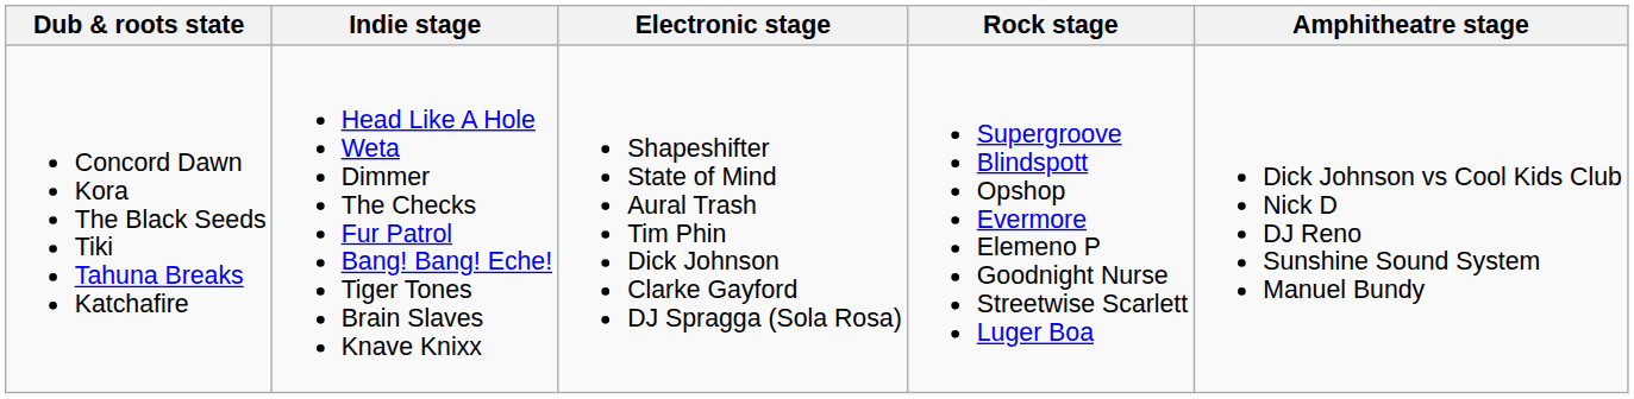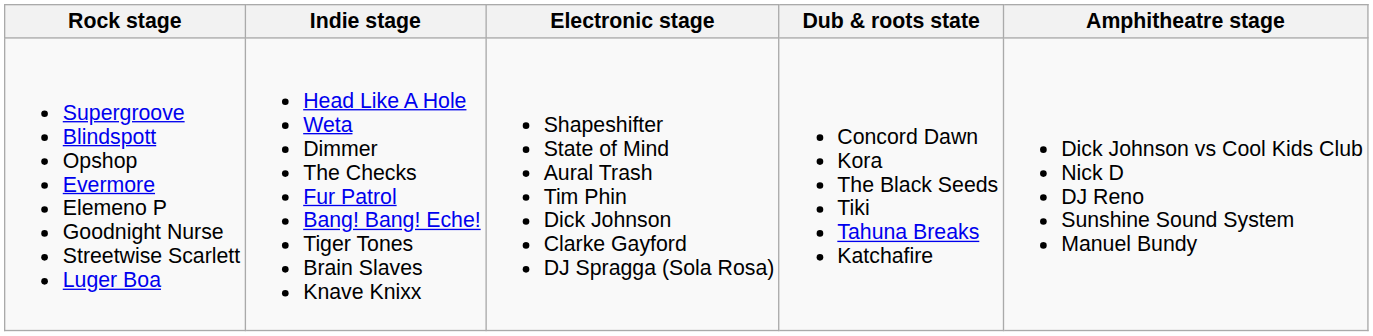 <table class="wikitable vertical-align-top">
 <tr>
-<th>Dub & roots state</th>
+<th>Rock stage</th>
 <th>Indie stage</th>
 <th>Electronic stage</th>
-<th>Rock stage</th>
+<th>Dub & roots state</th>
 <th>Amphitheatre stage</th>
 </tr>
 <tr>
-<td><br><ul><li>Concord Dawn</li><li>Kora</li><li>The Black Seeds</li><li>Tiki</li><li><a href='#'>Tahuna Breaks</a></li><li>Katchafire</li></ul></td>
+<td><br><ul><li><a href='#'>Supergroove</a></li><li><a href='#'>Blindspott</a></li><li>Opshop</li><li><a href='#'>Evermore</a></li><li>Elemeno P</li><li>Goodnight Nurse</li><li>Streetwise Scarlett</li><li><a href='#'>Luger Boa</a></li></ul></td>
 <td><br><ul><li><a href='#'>Head Like A Hole</a></li><li><a href='#'>Weta</a></li><li>Dimmer</li><li>The Checks</li><li><a href='#'>Fur Patrol</a></li><li><a href='#'>Bang! Bang! Eche!</a></li><li>Tiger Tones</li><li>Brain Slaves</li><li>Knave Knixx</li></ul></td>
 <td><br><ul><li>Shapeshifter</li><li>State of Mind</li><li>Aural Trash</li><li>Tim Phin</li><li>Dick Johnson</li><li>Clarke Gayford</li><li>DJ Spragga (Sola Rosa)</li></ul></td>
-<td><br><ul><li><a href='#'>Supergroove</a></li><li><a href='#'>Blindspott</a></li><li>Opshop</li><li><a href='#'>Evermore</a></li><li>Elemeno P</li><li>Goodnight Nurse</li><li>Streetwise Scarlett</li><li><a href='#'>Luger Boa</a></li></ul></td>
+<td><br><ul><li>Concord Dawn</li><li>Kora</li><li>The Black Seeds</li><li>Tiki</li><li><a href='#'>Tahuna Breaks</a></li><li>Katchafire</li></ul></td>
 <td><br><ul><li>Dick Johnson vs Cool Kids Club</li><li>Nick D</li><li>DJ Reno</li><li>Sunshine Sound System</li><li>Manuel Bundy</li></ul></td>
 </tr>
 </table>
